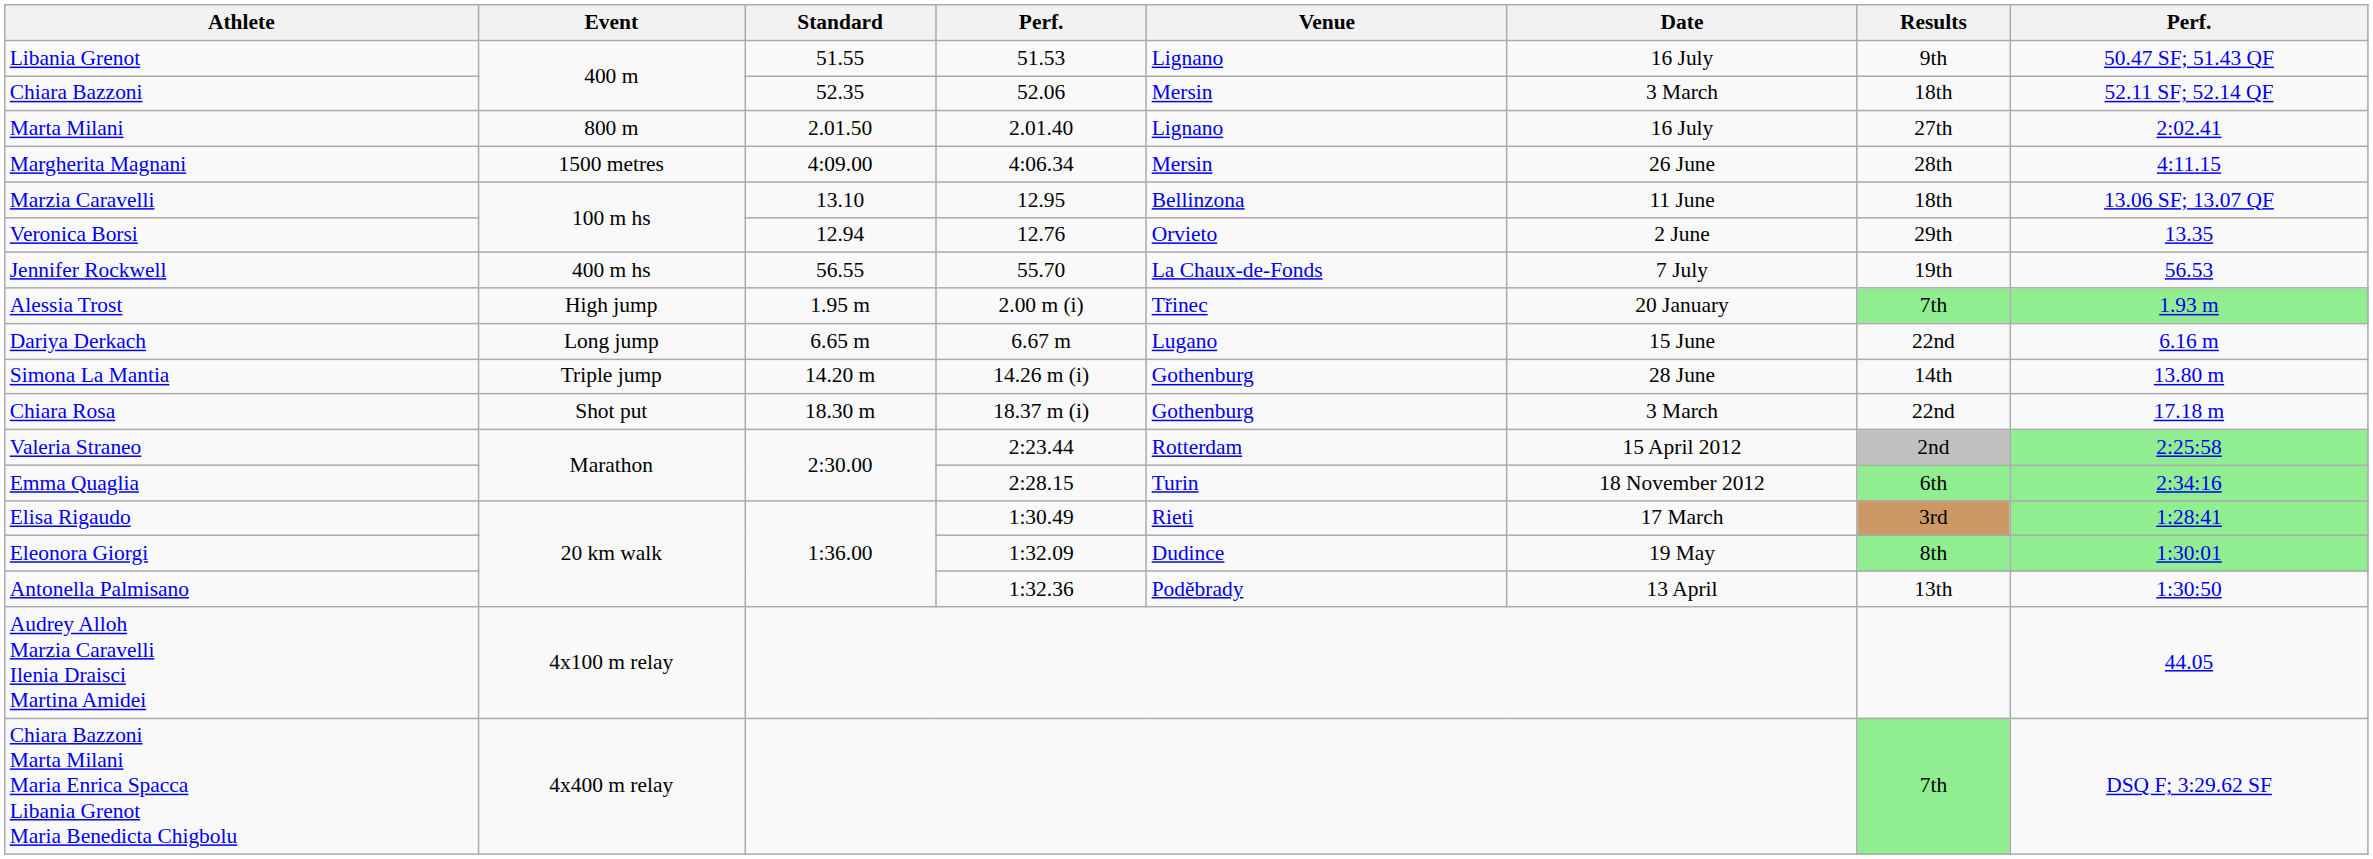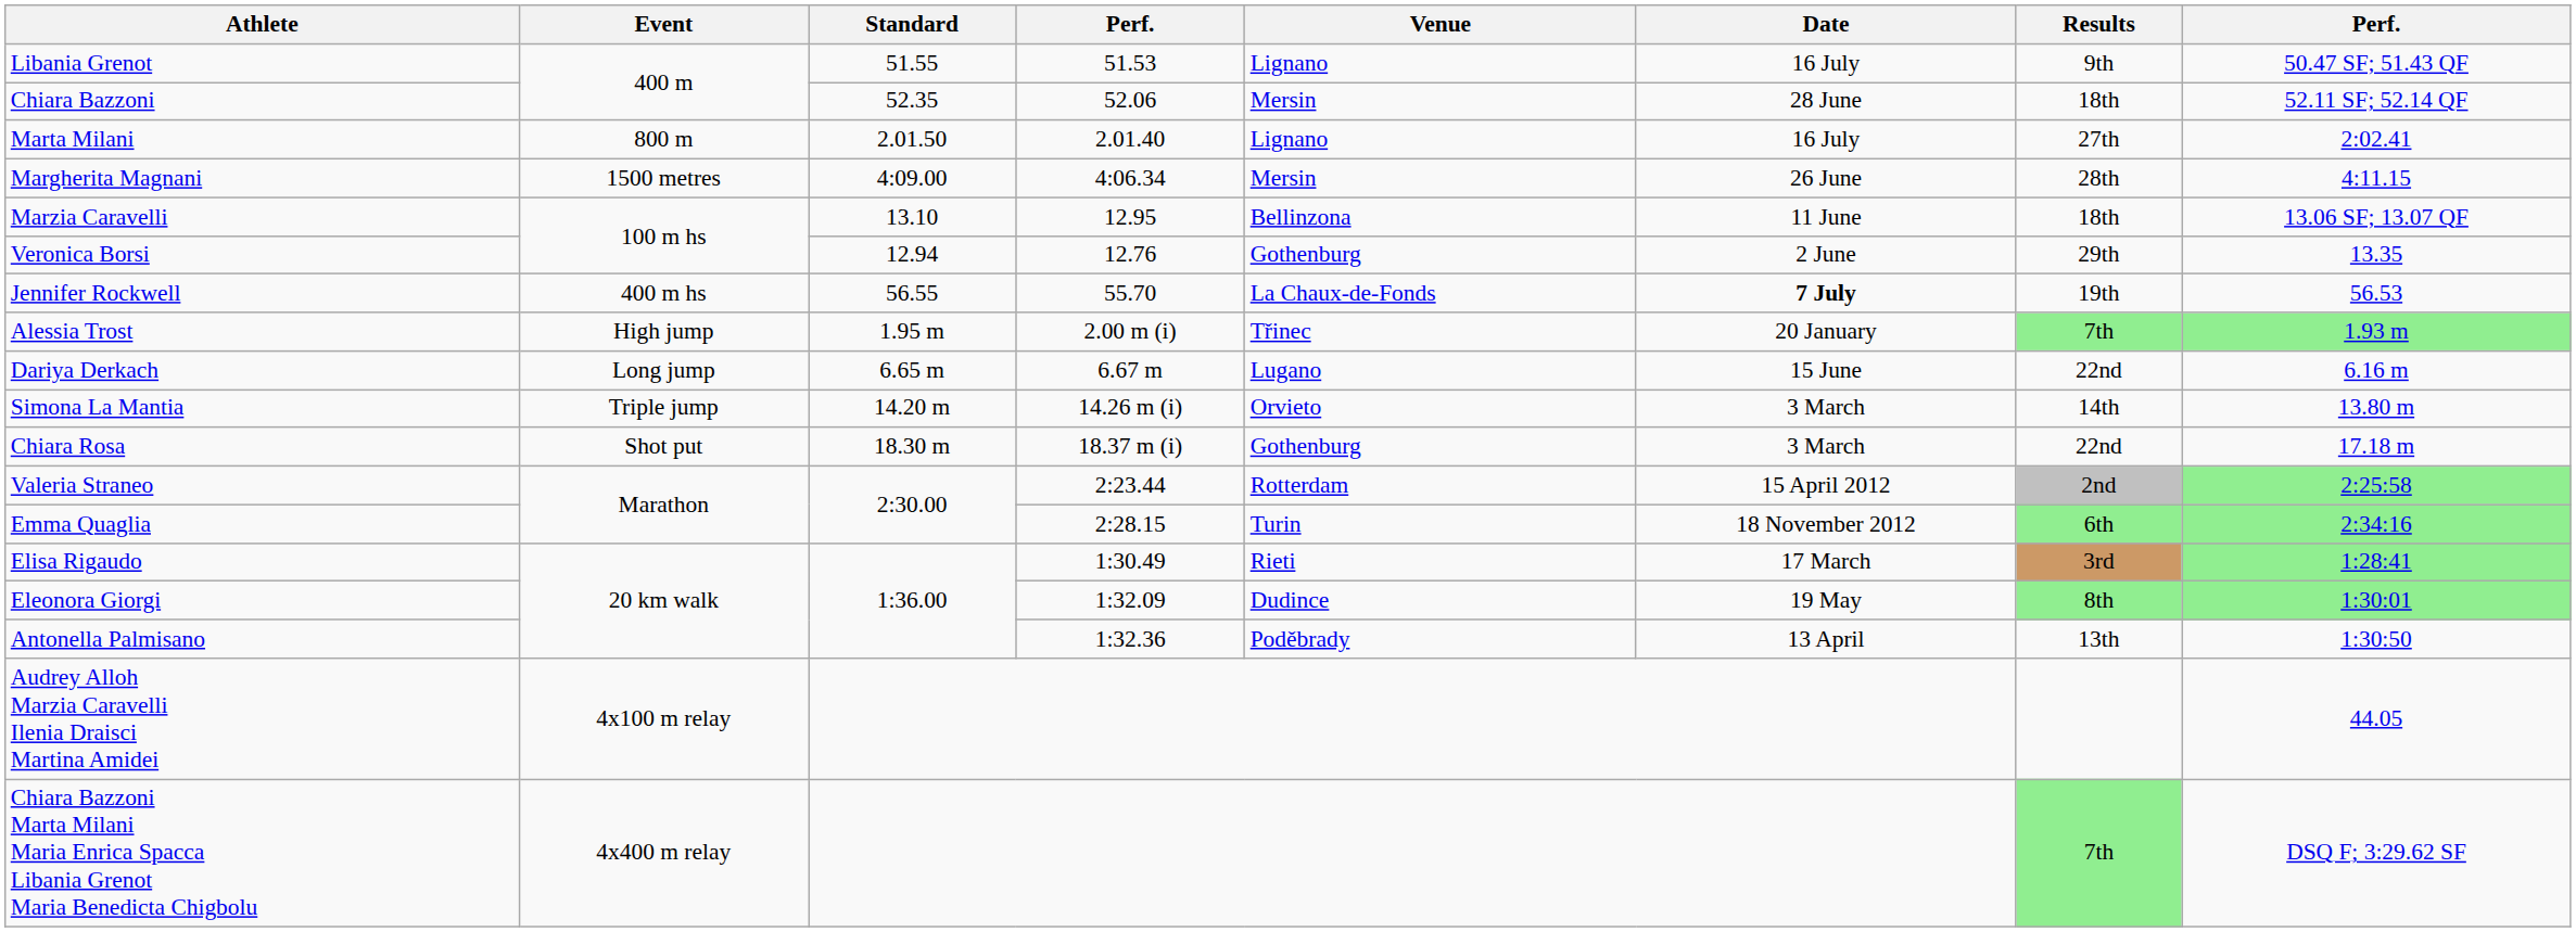 <table class="wikitable" style="width:80%; font-size:90%; text-align:center;">
 <tr>
 <th>Athlete</th>
 <th>Event</th>
 <th>Standard</th>
 <th>Perf.</th>
 <th>Venue</th>
 <th>Date</th>
 <th>Results</th>
 <th>Perf.</th>
 </tr>
 <tr>
 <td style="text-align:left;"><a href='#'>Libania Grenot</a></td>
 <td rowspan=2>400 m</td>
 <td>51.55</td>
 <td>51.53</td>
 <td align=left> <a href='#'>Lignano</a></td>
 <td>16 July</td>
 <td>9th </td>
 <td><a href='#'>50.47 SF; 51.43 QF</a> </td>
 </tr>
 <tr>
 <td style="text-align:left;"><a href='#'>Chiara Bazzoni</a></td>
 <td>52.35</td>
 <td>52.06</td>
 <td align=left> <a href='#'>Mersin</a></td>
-<td>3 March</td>
+<td>28 June</td>
 <td>18th </td>
 <td><a href='#'>52.11 SF; 52.14 QF</a></td>
 </tr>
 <tr>
 <td style="text-align:left;"><a href='#'>Marta Milani</a></td>
 <td>800 m</td>
 <td>2.01.50</td>
 <td>2.01.40</td>
 <td align=left> <a href='#'>Lignano</a></td>
 <td>16 July</td>
 <td>27th </td>
 <td><a href='#'>2:02.41</a></td>
 </tr>
 <tr>
 <td style="text-align:left;"><a href='#'>Margherita Magnani</a></td>
 <td>1500 metres</td>
 <td>4:09.00</td>
 <td>4:06.34</td>
 <td align=left> <a href='#'>Mersin</a></td>
 <td>26 June</td>
 <td>28th </td>
 <td><a href='#'>4:11.15</a></td>
 </tr>
 <tr>
 <td style="text-align:left;"><a href='#'>Marzia Caravelli</a></td>
 <td rowspan=2>100 m hs</td>
 <td>13.10</td>
 <td>12.95</td>
 <td align=left> <a href='#'>Bellinzona</a></td>
 <td>11 June</td>
 <td>18th </td>
 <td><a href='#'>13.06 SF; 13.07 QF</a></td>
 </tr>
 <tr>
 <td style="text-align:left;"><a href='#'>Veronica Borsi</a></td>
 <td>12.94</td>
 <td>12.76</td>
-<td align=left> <a href='#'>Orvieto</a></td>
+<td align=left> <a href='#'>Gothenburg</a></td>
 <td>2 June</td>
 <td>29th </td>
 <td><a href='#'>13.35</a></td>
 </tr>
 <tr>
 <td style="text-align:left;"><a href='#'>Jennifer Rockwell</a></td>
 <td>400 m hs</td>
 <td>56.55</td>
 <td>55.70</td>
 <td align=left> <a href='#'>La Chaux-de-Fonds</a></td>
-<td>7 July</td>
+<td><strong>7 July</strong></td>
 <td>19th </td>
 <td><a href='#'>56.53</a></td>
 </tr>
 <tr>
 <td style="text-align:left;"><a href='#'>Alessia Trost</a></td>
 <td>High jump</td>
 <td>1.95 m</td>
 <td>2.00 m (i)</td>
 <td align=left> <a href='#'>Třinec</a></td>
 <td>20 January</td>
 <td bgcolor=lightgreen>7th</td>
 <td bgcolor=lightgreen><a href='#'>1.93 m</a></td>
 </tr>
 <tr>
 <td style="text-align:left;"><a href='#'>Dariya Derkach</a></td>
 <td>Long jump</td>
 <td>6.65 m</td>
 <td>6.67 m</td>
 <td align=left> <a href='#'>Lugano</a></td>
 <td>15 June</td>
 <td>22nd </td>
 <td><a href='#'>6.16 m</a></td>
 </tr>
 <tr>
 <td style="text-align:left;"><a href='#'>Simona La Mantia</a></td>
 <td>Triple jump</td>
 <td>14.20 m</td>
 <td>14.26 m (i)</td>
-<td align=left> <a href='#'>Gothenburg</a></td>
-<td>28 June</td>
+<td align=left> <a href='#'>Orvieto</a></td>
+<td>3 March</td>
 <td>14th </td>
 <td><a href='#'>13.80 m</a></td>
 </tr>
 <tr>
 <td style="text-align:left;"><a href='#'>Chiara Rosa</a></td>
 <td>Shot put</td>
 <td>18.30 m</td>
 <td>18.37 m (i)</td>
 <td align=left> <a href='#'>Gothenburg</a></td>
 <td>3 March</td>
 <td>22nd </td>
 <td><a href='#'>17.18 m</a></td>
 </tr>
 <tr>
 <td style="text-align:left;"><a href='#'>Valeria Straneo</a></td>
 <td rowspan=2>Marathon</td>
 <td rowspan=2>2:30.00</td>
 <td>2:23.44</td>
 <td align=left> <a href='#'>Rotterdam</a></td>
 <td>15 April 2012</td>
 <td bgcolor=silver>2nd</td>
 <td bgcolor=lightgreen><a href='#'>2:25:58</a> </td>
 </tr>
 <tr>
 <td style="text-align:left;"><a href='#'>Emma Quaglia</a></td>
 <td>2:28.15</td>
 <td align=left> <a href='#'>Turin</a></td>
 <td>18 November 2012</td>
 <td bgcolor=lightgreen>6th</td>
 <td bgcolor=lightgreen><a href='#'>2:34:16</a>  </td>
 </tr>
 <tr>
 <td style="text-align:left;"><a href='#'>Elisa Rigaudo</a></td>
 <td rowspan=3>20 km walk</td>
 <td rowspan=3>1:36.00</td>
 <td>1:30.49</td>
 <td align=left> <a href='#'>Rieti</a></td>
 <td>17 March</td>
 <td bgcolor=cc9966>3rd</td>
 <td bgcolor=lightgreen><a href='#'>1:28:41</a></td>
 </tr>
 <tr>
 <td style="text-align:left;"><a href='#'>Eleonora Giorgi</a></td>
 <td>1:32.09</td>
 <td align=left> <a href='#'>Dudince</a></td>
 <td>19 May</td>
 <td bgcolor=lightgreen>8th</td>
 <td bgcolor=lightgreen><a href='#'>1:30:01</a> </td>
 </tr>
 <tr>
 <td style="text-align:left;"><a href='#'>Antonella Palmisano</a></td>
 <td>1:32.36</td>
 <td align=left> <a href='#'>Poděbrady</a></td>
 <td>13 April</td>
 <td>13th</td>
 <td><a href='#'>1:30:50</a> </td>
 </tr>
 <tr>
 <td align=left><a href='#'>Audrey Alloh</a><br><a href='#'>Marzia Caravelli</a><br><a href='#'>Ilenia Draisci</a><br><a href='#'>Martina Amidei</a></td>
 <td>4x100 m relay</td>
 <td colspan=4></td>
 <td></td>
 <td><a href='#'>44.05</a></td>
 </tr>
 <tr>
 <td align=left><a href='#'>Chiara Bazzoni</a><br><a href='#'>Marta Milani</a><br><a href='#'>Maria Enrica Spacca</a><br><a href='#'>Libania Grenot</a><br><a href='#'>Maria Benedicta Chigbolu</a></td>
 <td>4x400 m relay</td>
 <td colspan=4></td>
 <td bgcolor=lightgreen>7th</td>
 <td><a href='#'>DSQ F; 3:29.62 SF</a> </td>
 </tr>
 </table>
